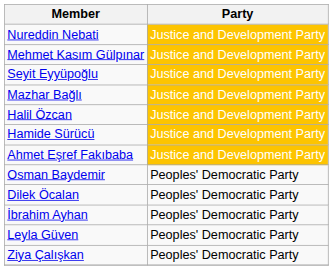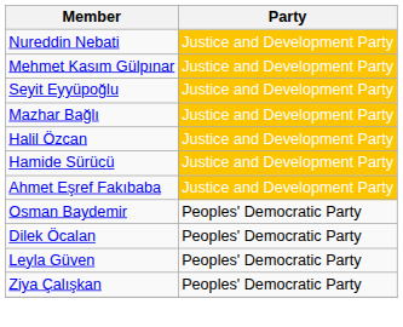 <table class="wikitable">
 <tr>
 <th>Member</th>
 <th>Party</th>
 </tr>
 <tr>
 <td><a href='#'>Nureddin Nebati</a></td>
 <td style="background:#FDC400; color:white">Justice and Development Party</td>
 </tr>
 <tr>
 <td><a href='#'>Mehmet Kasım Gülpınar</a></td>
 <td style="background:#FDC400; color:white">Justice and Development Party</td>
 </tr>
 <tr>
 <td><a href='#'>Seyit Eyyüpoğlu</a></td>
 <td style="background:#FDC400; color:white">Justice and Development Party</td>
 </tr>
 <tr>
 <td><a href='#'>Mazhar Bağlı</a></td>
 <td style="background:#FDC400; color:white">Justice and Development Party</td>
 </tr>
 <tr>
 <td><a href='#'>Halil Özcan</a></td>
 <td style="background:#FDC400; color:white">Justice and Development Party</td>
 </tr>
 <tr>
 <td><a href='#'>Hamide Sürücü</a></td>
 <td style="background:#FDC400; color:white">Justice and Development Party</td>
 </tr>
 <tr>
 <td><a href='#'>Ahmet Eşref Fakıbaba</a></td>
 <td style="background:#FDC400; color:white">Justice and Development Party</td>
 </tr>
 <tr>
 <td><a href='#'>Osman Baydemir</a></td>
 <td style="background:">Peoples' Democratic Party</td>
 </tr>
 <tr>
 <td><a href='#'>Dilek Öcalan</a></td>
 <td style="background:">Peoples' Democratic Party</td>
 </tr>
 <tr>
-<td><a href='#'>İbrahim Ayhan</a></td>
-<td style="background:">Peoples' Democratic Party</td>
-</tr>
-<tr>
 <td><a href='#'>Leyla Güven</a></td>
 <td style="background:">Peoples' Democratic Party</td>
 </tr>
 <tr>
 <td><a href='#'>Ziya Çalışkan</a></td>
 <td style="background:">Peoples' Democratic Party</td>
 </tr>
 <tr>
 </tr>
 </table>
